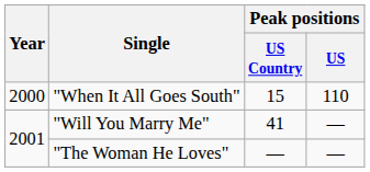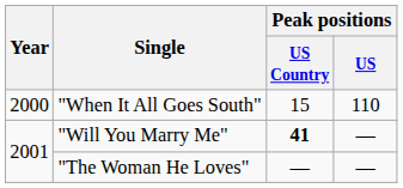 <table class="wikitable">
 <tr>
 <th rowspan="2">Year</th>
 <th rowspan="2">Single</th>
 <th colspan="2">Peak positions</th>
 </tr>
 <tr>
 <th width="45"><small><a href='#'>US Country</a></small></th>
 <th width="45"><small><a href='#'>US</a></small></th>
 </tr>
 <tr>
 <td>2000</td>
 <td>"When It All Goes South"</td>
 <td align="center">15</td>
 <td align="center">110</td>
 </tr>
 <tr>
 <td rowspan="2">2001</td>
 <td>"Will You Marry Me"</td>
-<td align="center">41</td>
+<td align="center"><strong>41</strong></td>
 <td align="center">—</td>
 </tr>
 <tr>
 <td>"The Woman He Loves"</td>
 <td align="center">—</td>
 <td align="center">—</td>
 </tr>
 </table>
